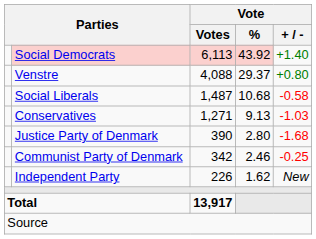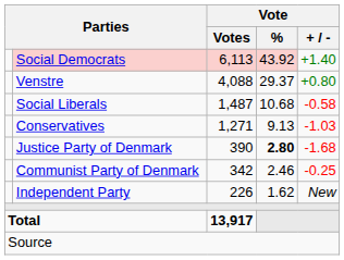 <table class="wikitable" style="text-align:right;">
 <tr>
 <th style="text-align:centre;" rowspan="2" colspan="2" width="225">Parties</th>
 <th colspan="3">Vote</th>
 </tr>
 <tr>
 <th width="15">Votes</th>
 <th width="15">%</th>
 <th width="15">+ / -</th>
 </tr>
 <tr>
 <td width="2" style="color:inherit;background:"></td>
 <td bgcolor=#fbd0ce  align="left"><a href='#'>Social Democrats</a></td>
 <td bgcolor=#fbd0ce>6,113</td>
 <td bgcolor=#fbd0ce>43.92</td>
 <td style=color:green;>+1.40</td>
 </tr>
 <tr>
 <td width="2" style="color:inherit;background:"></td>
 <td align="left"><a href='#'>Venstre</a></td>
 <td>4,088</td>
 <td>29.37</td>
 <td style=color:green;>+0.80</td>
 </tr>
 <tr>
 <td width="2" style="color:inherit;background:"></td>
 <td align="left"><a href='#'>Social Liberals</a></td>
 <td>1,487</td>
 <td>10.68</td>
 <td style=color:red;>-0.58</td>
 </tr>
 <tr>
 <td width="2" style="color:inherit;background:"></td>
 <td align="left"><a href='#'>Conservatives</a></td>
 <td>1,271</td>
 <td>9.13</td>
 <td style=color:red;>-1.03</td>
 </tr>
 <tr>
 <td width="2" style="color:inherit;background:"></td>
 <td align="left"><a href='#'>Justice Party of Denmark</a></td>
 <td>390</td>
-<td>2.80</td>
+<td><strong>2.80</strong></td>
 <td style=color:red;>-1.68</td>
 </tr>
 <tr>
 <td width="2" style="color:inherit;background:"></td>
 <td align="left"><a href='#'>Communist Party of Denmark</a></td>
 <td>342</td>
 <td>2.46</td>
 <td style=color:red;>-0.25</td>
 </tr>
 <tr>
 <td width="2" style="color:inherit;background:"></td>
 <td align="left"><a href='#'>Independent Party</a></td>
 <td>226</td>
 <td>1.62</td>
 <td><em>New</em></td>
 </tr>
 <tr>
 <td colspan="7" bgcolor="#E9E9E9"></td>
 </tr>
 <tr>
 <td align="left" colspan="2"><strong>Total</strong></td>
 <td><strong>13,917</strong></td>
 <td bgcolor="#E9E9E9" colspan="2"></td>
 </tr>
 <tr>
 <td align="left" colspan="6">Source</td>
 </tr>
 </table>
